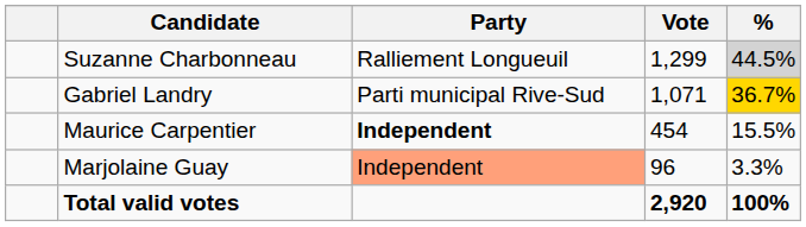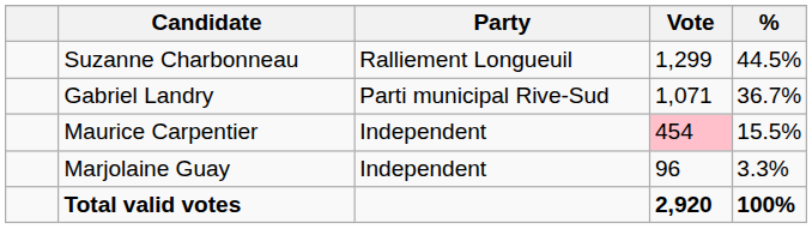 <table class="wikitable">
 <tr>
 </tr>
 <tr>
 <th bgcolor="#DDDDFF" width="30px"></th>
 <th bgcolor="#DDDDFF" width="200px">Candidate</th>
 <th bgcolor="#DDDDFF" width="200px">Party</th>
 <th bgcolor="#DDDDFF" width="50px">Vote</th>
 <th bgcolor="#DDDDFF" width="30px">%</th>
 </tr>
 <tr>
 <td> </td>
 <td>Suzanne Charbonneau</td>
 <td>Ralliement Longueuil</td>
 <td>1,299</td>
-<td style="background: lightgrey;">44.5%</td>
+<td>44.5%</td>
 </tr>
 <tr>
 <td> </td>
 <td>Gabriel Landry</td>
 <td>Parti municipal Rive-Sud</td>
 <td>1,071</td>
-<td style="background: gold;">36.7%</td>
+<td>36.7%</td>
 </tr>
 <tr>
 <td> </td>
 <td>Maurice Carpentier</td>
-<td><strong>Independent</strong></td>
-<td>454</td>
+<td>Independent</td>
+<td style="background: pink;">454</td>
 <td>15.5%</td>
 </tr>
 <tr>
 <td> </td>
 <td>Marjolaine Guay</td>
-<td style="background: lightsalmon;">Independent</td>
+<td>Independent</td>
 <td>96</td>
 <td>3.3%</td>
 </tr>
 <tr>
 <td> </td>
 <td><strong>Total valid votes</strong></td>
 <td></td>
 <td><strong>2,920</strong></td>
 <td><strong>100%</strong></td>
 </tr>
 </table>
